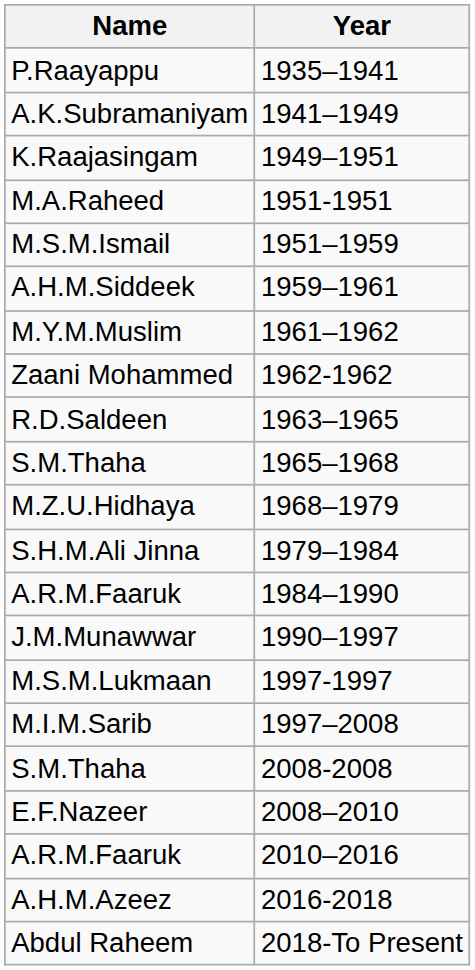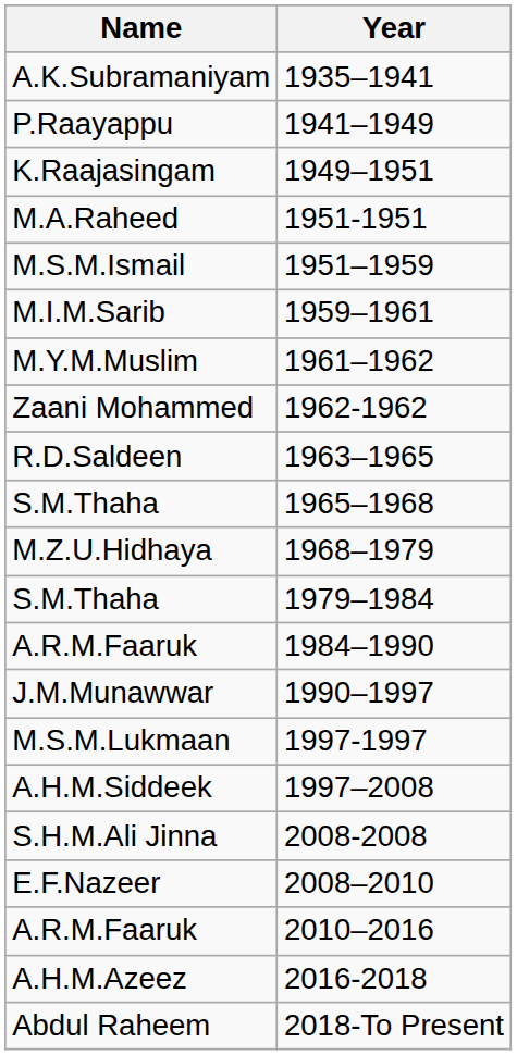 <table class="wikitable">
 <tr>
 <th>Name</th>
 <th>Year</th>
 </tr>
 <tr>
-<td>P.Raayappu</td>
+<td>A.K.Subramaniyam</td>
 <td>1935–1941</td>
 </tr>
 <tr>
-<td>A.K.Subramaniyam</td>
+<td>P.Raayappu</td>
 <td>1941–1949</td>
 </tr>
 <tr>
 <td>K.Raajasingam</td>
 <td>1949–1951</td>
 </tr>
 <tr>
 <td>M.A.Raheed</td>
 <td>1951-1951</td>
 </tr>
 <tr>
 <td>M.S.M.Ismail</td>
 <td>1951–1959</td>
 </tr>
 <tr>
-<td>A.H.M.Siddeek</td>
+<td>M.I.M.Sarib</td>
 <td>1959–1961</td>
 </tr>
 <tr>
 <td>M.Y.M.Muslim</td>
 <td>1961–1962</td>
 </tr>
 <tr>
 <td>Zaani Mohammed</td>
 <td>1962-1962</td>
 </tr>
 <tr>
 <td>R.D.Saldeen</td>
 <td>1963–1965</td>
 </tr>
 <tr>
 <td>S.M.Thaha</td>
 <td>1965–1968</td>
 </tr>
 <tr>
 <td>M.Z.U.Hidhaya</td>
 <td>1968–1979</td>
 </tr>
 <tr>
-<td>S.H.M.Ali Jinna</td>
+<td>S.M.Thaha</td>
 <td>1979–1984</td>
 </tr>
 <tr>
 <td>A.R.M.Faaruk</td>
 <td>1984–1990</td>
 </tr>
 <tr>
 <td>J.M.Munawwar</td>
 <td>1990–1997</td>
 </tr>
 <tr>
 <td>M.S.M.Lukmaan</td>
 <td>1997-1997</td>
 </tr>
 <tr>
-<td>M.I.M.Sarib</td>
+<td>A.H.M.Siddeek</td>
 <td>1997–2008</td>
 </tr>
 <tr>
-<td>S.M.Thaha</td>
+<td>S.H.M.Ali Jinna</td>
 <td>2008-2008</td>
 </tr>
 <tr>
 <td>E.F.Nazeer</td>
 <td>2008–2010</td>
 </tr>
 <tr>
 <td>A.R.M.Faaruk</td>
 <td>2010–2016</td>
 </tr>
 <tr>
 <td>A.H.M.Azeez</td>
 <td>2016-2018</td>
 </tr>
 <tr>
 <td>Abdul Raheem</td>
 <td>2018-To Present</td>
 </tr>
 </table>
